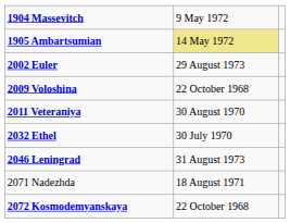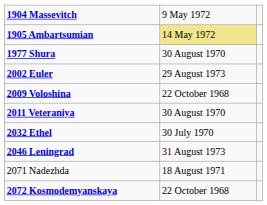 <table class="wikitable" style="font-size: 89%; float: left; width: 26em; margin-right: 1em; height: 280px;">
 <tr>
 <td><strong><a href='#'>1904 Massevitch</a></strong></td>
 <td>9 May 1972</td>
 <td></td>
 </tr>
 <tr>
 <td><strong><a href='#'>1905 Ambartsumian</a></strong></td>
 <td style="background: khaki;">14 May 1972</td>
+<td></td>
+</tr>
+<tr>
+<td><strong><a href='#'>1977 Shura</a></strong></td>
+<td>30 August 1970</td>
 <td></td>
 </tr>
 <tr>
 <td><strong><a href='#'>2002 Euler</a></strong></td>
 <td>29 August 1973</td>
 <td></td>
 </tr>
 <tr>
 <td><strong><a href='#'>2009 Voloshina</a></strong></td>
 <td>22 October 1968</td>
 <td></td>
 </tr>
 <tr>
 <td><strong><a href='#'>2011 Veteraniya</a></strong></td>
 <td>30 August 1970</td>
 <td></td>
 </tr>
 <tr>
 <td><strong><a href='#'>2032 Ethel</a></strong></td>
 <td>30 July 1970</td>
 <td></td>
 </tr>
 <tr>
 <td><strong><a href='#'>2046 Leningrad</a></strong></td>
 <td>31 August 1973</td>
 <td></td>
 </tr>
 <tr>
 <td>2071 Nadezhda</td>
 <td>18 August 1971</td>
 <td></td>
 </tr>
 <tr>
 <td><strong><a href='#'>2072 Kosmodemyanskaya</a></strong></td>
 <td>22 October 1968</td>
 <td></td>
 </tr>
 </table>
